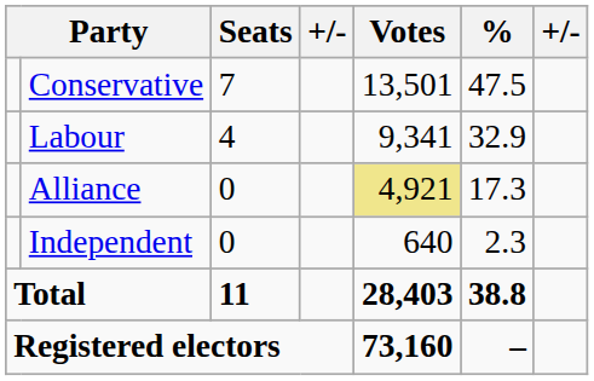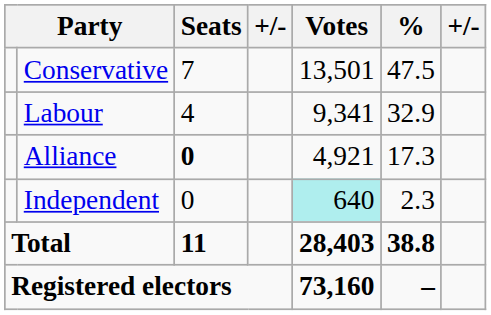 <table class="wikitable sortable">
 <tr>
 <th colspan="2">Party</th>
 <th>Seats</th>
 <th>+/-</th>
 <th>Votes</th>
 <th>%</th>
 <th>+/-</th>
 </tr>
 <tr>
 <td style="background-color: "></td>
 <td><a href='#'>Conservative</a></td>
 <td>7</td>
 <td></td>
 <td style="text-align:right;">13,501</td>
 <td style="text-align:right;">47.5</td>
 <td style="text-align:right;"></td>
 </tr>
 <tr>
 <td style="background-color: "></td>
 <td><a href='#'>Labour</a></td>
 <td>4</td>
 <td></td>
 <td style="text-align:right;">9,341</td>
 <td style="text-align:right;">32.9</td>
 <td style="text-align:right;"></td>
 </tr>
 <tr>
 <td style="background-color: "></td>
 <td><a href='#'>Alliance</a></td>
-<td>0</td>
+<td><strong>0</strong></td>
 <td></td>
-<td style="background: khaki; text-align:right;">4,921</td>
+<td style="text-align:right;">4,921</td>
 <td style="text-align:right;">17.3</td>
 <td style="text-align:right;"></td>
 </tr>
 <tr>
 <td style="background-color: "></td>
 <td><a href='#'>Independent</a></td>
 <td>0</td>
 <td></td>
-<td style="text-align:right;">640</td>
+<td style="background: paleturquoise; text-align:right;">640</td>
 <td style="text-align:right;">2.3</td>
 <td style="text-align:right;"></td>
 </tr>
 <tr>
 <td colspan="2"><strong>Total</strong></td>
 <td><strong>11</strong></td>
 <td></td>
 <td style="text-align:right;"><strong>28,403</strong></td>
 <td style="text-align:right;"><strong>38.8</strong></td>
 <td style="text-align:right;"></td>
 </tr>
 <tr>
 <td colspan="4"><strong>Registered electors</strong></td>
 <td style="text-align:right;"><strong>73,160</strong></td>
 <td style="text-align:right;"><strong>–</strong></td>
 <td style="text-align:right;"></td>
 </tr>
 </table>
